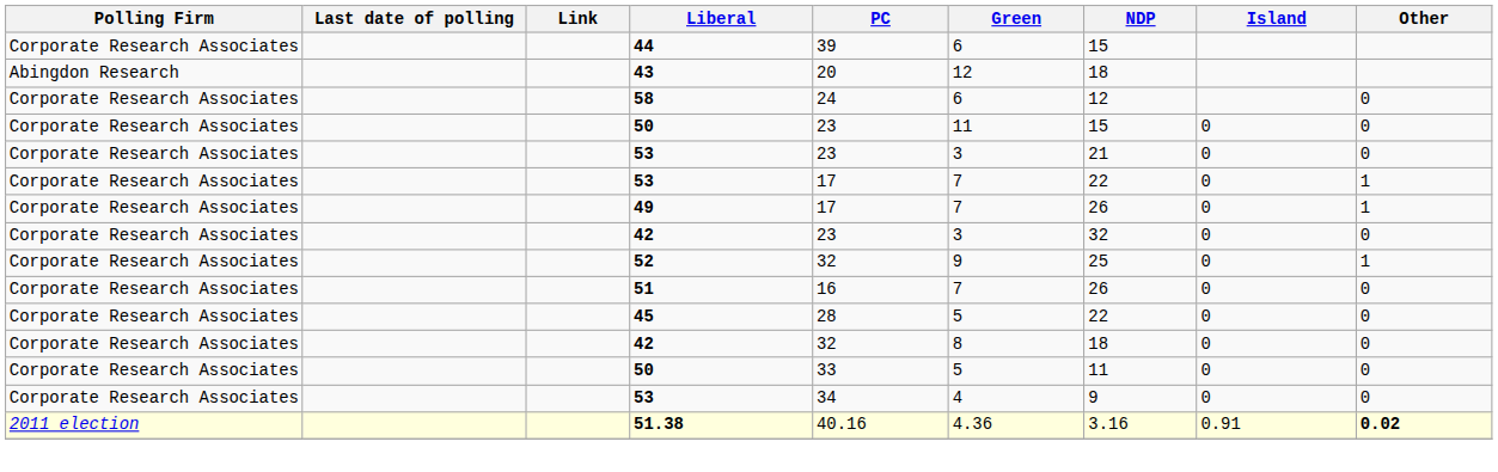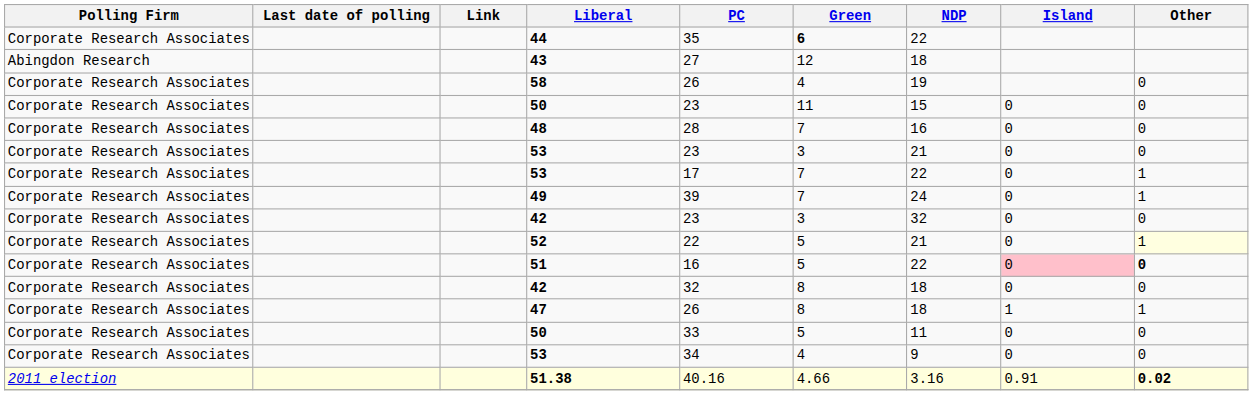 <table class="wikitable sortable">
 <tr style="background-color:#E9E9E9">
 <th width=20%>Polling Firm</th>
 <th width=15%>Last date of polling</th>
 <th width=7%>Link</th>
 <th style="background-color:"><a href='#'>Liberal</a></th>
 <th style="background-color:"><a href='#'>PC</a></th>
 <th style="background-color:"><a href='#'>Green</a></th>
 <th style="background-color:"><a href='#'>NDP</a></th>
 <th style="background-color:"><a href='#'>Island</a></th>
 <th style="background-color:">Other</th>
 </tr>
 <tr>
 <td>Corporate Research Associates</td>
 <td></td>
 <td></td>
 <td><strong>44</strong></td>
-<td>39</td>
-<td>6</td>
-<td>15</td>
+<td>35</td>
+<td><strong>6</strong></td>
+<td>22</td>
 <td></td>
 <td></td>
 </tr>
 <tr>
 <td>Abingdon Research</td>
 <td></td>
 <td></td>
 <td><strong>43</strong></td>
-<td>20</td>
+<td>27</td>
 <td>12</td>
 <td>18</td>
 <td></td>
 <td></td>
 </tr>
 <tr>
 <td>Corporate Research Associates</td>
 <td></td>
 <td></td>
 <td><strong>58</strong></td>
-<td>24</td>
-<td>6</td>
-<td>12</td>
+<td>26</td>
+<td>4</td>
+<td>19</td>
 <td></td>
 <td>0</td>
 </tr>
 <tr>
 <td>Corporate Research Associates</td>
 <td></td>
 <td></td>
 <td><strong>50</strong></td>
 <td>23</td>
 <td>11</td>
 <td>15</td>
+<td>0</td>
+<td>0</td>
+</tr>
+<tr>
+<td>Corporate Research Associates</td>
+<td></td>
+<td></td>
+<td><strong>48</strong></td>
+<td>28</td>
+<td>7</td>
+<td>16</td>
 <td>0</td>
 <td>0</td>
 </tr>
 <tr>
 <td>Corporate Research Associates</td>
 <td></td>
 <td></td>
 <td><strong>53</strong></td>
 <td>23</td>
 <td>3</td>
 <td>21</td>
 <td>0</td>
 <td>0</td>
 </tr>
 <tr>
 <td>Corporate Research Associates</td>
 <td></td>
 <td></td>
 <td><strong>53</strong></td>
 <td>17</td>
 <td>7</td>
 <td>22</td>
 <td>0</td>
 <td>1</td>
 </tr>
 <tr>
 <td>Corporate Research Associates</td>
 <td></td>
 <td></td>
 <td><strong>49</strong></td>
-<td>17</td>
+<td>39</td>
 <td>7</td>
-<td>26</td>
+<td>24</td>
 <td>0</td>
 <td>1</td>
 </tr>
 <tr>
 <td>Corporate Research Associates</td>
 <td></td>
 <td></td>
 <td><strong>42</strong></td>
 <td>23</td>
 <td>3</td>
 <td>32</td>
 <td>0</td>
 <td>0</td>
 </tr>
 <tr>
 <td>Corporate Research Associates</td>
 <td></td>
 <td></td>
 <td><strong>52</strong></td>
-<td>32</td>
-<td>9</td>
-<td>25</td>
+<td>22</td>
+<td>5</td>
+<td>21</td>
 <td>0</td>
-<td>1</td>
+<td style="background: lightyellow;">1</td>
 </tr>
 <tr>
 <td>Corporate Research Associates</td>
 <td></td>
 <td></td>
 <td><strong>51</strong></td>
 <td>16</td>
-<td>7</td>
-<td>26</td>
-<td>0</td>
-<td>0</td>
-</tr>
-<tr>
-<td>Corporate Research Associates</td>
-<td></td>
-<td></td>
-<td><strong>45</strong></td>
-<td>28</td>
 <td>5</td>
 <td>22</td>
-<td>0</td>
-<td>0</td>
+<td style="background: pink;">0</td>
+<td><strong>0</strong></td>
 </tr>
 <tr>
 <td>Corporate Research Associates</td>
 <td></td>
 <td></td>
 <td><strong>42</strong></td>
 <td>32</td>
 <td>8</td>
 <td>18</td>
 <td>0</td>
 <td>0</td>
+</tr>
+<tr>
+<td>Corporate Research Associates</td>
+<td></td>
+<td></td>
+<td><strong>47</strong></td>
+<td>26</td>
+<td>8</td>
+<td>18</td>
+<td>1</td>
+<td>1</td>
 </tr>
 <tr>
 <td>Corporate Research Associates</td>
 <td></td>
 <td></td>
 <td><strong>50</strong></td>
 <td>33</td>
 <td>5</td>
 <td>11</td>
 <td>0</td>
 <td>0</td>
 </tr>
 <tr>
 <td>Corporate Research Associates</td>
 <td></td>
 <td></td>
 <td><strong>53</strong></td>
 <td>34</td>
 <td>4</td>
 <td>9</td>
 <td>0</td>
 <td>0</td>
 </tr>
 <tr>
 <td style="background:#ffd;"><em><a href='#'>2011 election</a></em></td>
 <td style="background:#ffd;"></td>
 <td style="background:#ffd;"></td>
 <td style="background:#ffd;"><strong>51.38</strong></td>
 <td style="background:#ffd;">40.16</td>
-<td style="background:#ffd;">4.36</td>
+<td style="background:#ffd;">4.66</td>
 <td style="background:#ffd;">3.16</td>
 <td style="background:#ffd;">0.91</td>
 <td style="background:#ffd;"><strong>0.02</strong></td>
 </tr>
 <tr>
 </tr>
 </table>
